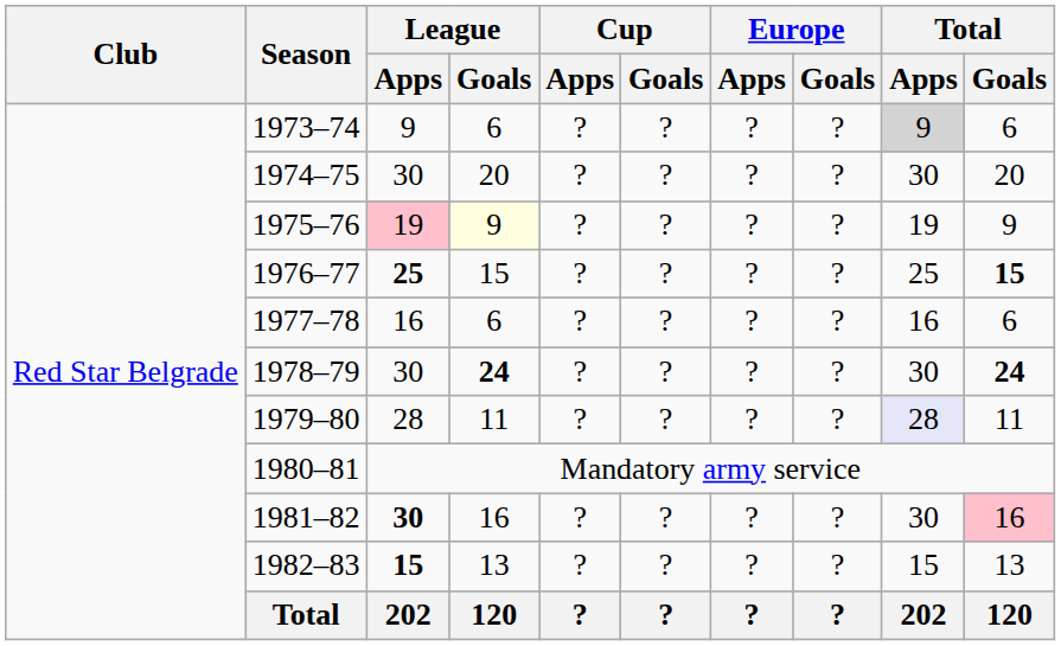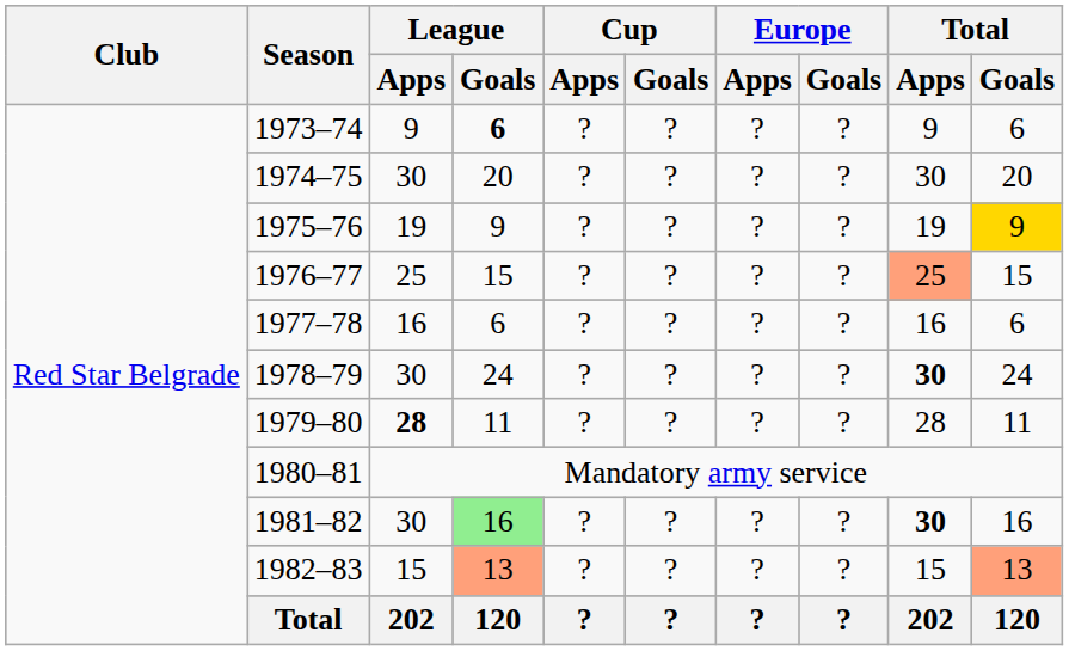 <table class="wikitable" style="text-align: center;">
 <tr>
 <th rowspan="2">Club</th>
 <th rowspan="2">Season</th>
 <th colspan="2">League</th>
 <th colspan="2">Cup</th>
 <th colspan="2"><a href='#'>Europe</a></th>
 <th colspan="2">Total</th>
 </tr>
 <tr>
 <th>Apps</th>
 <th>Goals</th>
 <th>Apps</th>
 <th>Goals</th>
 <th>Apps</th>
 <th>Goals</th>
 <th>Apps</th>
 <th>Goals</th>
 </tr>
 <tr>
 <td rowspan="11"><a href='#'>Red Star Belgrade</a></td>
 <td>1973–74</td>
 <td>9</td>
-<td>6</td>
+<td><strong>6</strong></td>
 <td>?</td>
 <td>?</td>
 <td>?</td>
 <td>?</td>
-<td style="background: lightgrey;">9</td>
+<td>9</td>
 <td>6</td>
 </tr>
 <tr>
 <td>1974–75</td>
 <td>30</td>
 <td>20</td>
 <td>?</td>
 <td>?</td>
 <td>?</td>
 <td>?</td>
 <td>30</td>
 <td>20</td>
 </tr>
 <tr>
 <td>1975–76</td>
-<td style="background: pink;">19</td>
-<td style="background: lightyellow;">9</td>
+<td>19</td>
+<td>9</td>
 <td>?</td>
 <td>?</td>
 <td>?</td>
 <td>?</td>
 <td>19</td>
-<td>9</td>
+<td style="background: gold;">9</td>
 </tr>
 <tr>
 <td>1976–77</td>
-<td><strong>25</strong></td>
+<td>25</td>
 <td>15</td>
 <td>?</td>
 <td>?</td>
 <td>?</td>
 <td>?</td>
-<td>25</td>
-<td><strong>15</strong></td>
+<td style="background: lightsalmon;">25</td>
+<td>15</td>
 </tr>
 <tr>
 <td>1977–78</td>
 <td>16</td>
 <td>6</td>
 <td>?</td>
 <td>?</td>
 <td>?</td>
 <td>?</td>
 <td>16</td>
 <td>6</td>
 </tr>
 <tr>
 <td>1978–79</td>
 <td>30</td>
-<td><strong>24</strong></td>
+<td>24</td>
 <td>?</td>
 <td>?</td>
 <td>?</td>
 <td>?</td>
-<td>30</td>
-<td><strong>24</strong></td>
+<td><strong>30</strong></td>
+<td>24</td>
 </tr>
 <tr>
 <td>1979–80</td>
-<td>28</td>
+<td><strong>28</strong></td>
 <td>11</td>
 <td>?</td>
 <td>?</td>
 <td>?</td>
 <td>?</td>
-<td style="background: lavender;">28</td>
+<td>28</td>
 <td>11</td>
 </tr>
 <tr>
 <td>1980–81</td>
 <td colspan="8">Mandatory <a href='#'>army</a> service</td>
 </tr>
 <tr>
 <td>1981–82</td>
-<td><strong>30</strong></td>
-<td>16</td>
+<td>30</td>
+<td style="background: lightgreen;">16</td>
 <td>?</td>
 <td>?</td>
 <td>?</td>
 <td>?</td>
-<td>30</td>
-<td style="background: pink;">16</td>
+<td><strong>30</strong></td>
+<td>16</td>
 </tr>
 <tr>
 <td>1982–83</td>
-<td><strong>15</strong></td>
-<td>13</td>
+<td>15</td>
+<td style="background: lightsalmon;">13</td>
 <td>?</td>
 <td>?</td>
 <td>?</td>
 <td>?</td>
 <td>15</td>
-<td>13</td>
+<td style="background: lightsalmon;">13</td>
 </tr>
 <tr>
 <th>Total</th>
 <th>202</th>
 <th>120</th>
 <th>?</th>
 <th>?</th>
 <th>?</th>
 <th>?</th>
 <th>202</th>
 <th>120</th>
 </tr>
 </table>
